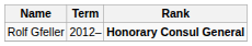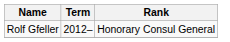 <table class="wikitable">
 <tr>
 <th>Name</th>
 <th>Term</th>
 <th>Rank</th>
 </tr>
 <tr>
 <td>Rolf Gfeller</td>
 <td>2012–</td>
-<td><strong>Honorary Consul General</strong></td>
+<td>Honorary Consul General</td>
 </tr>
 <tr>
 </tr>
 </table>
